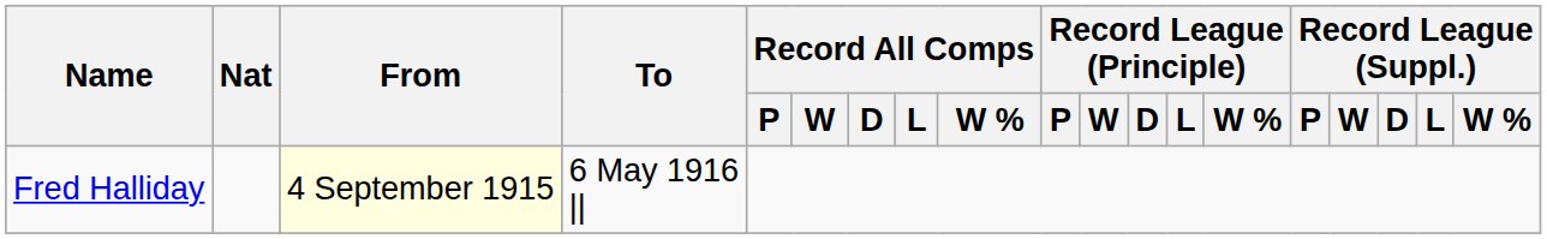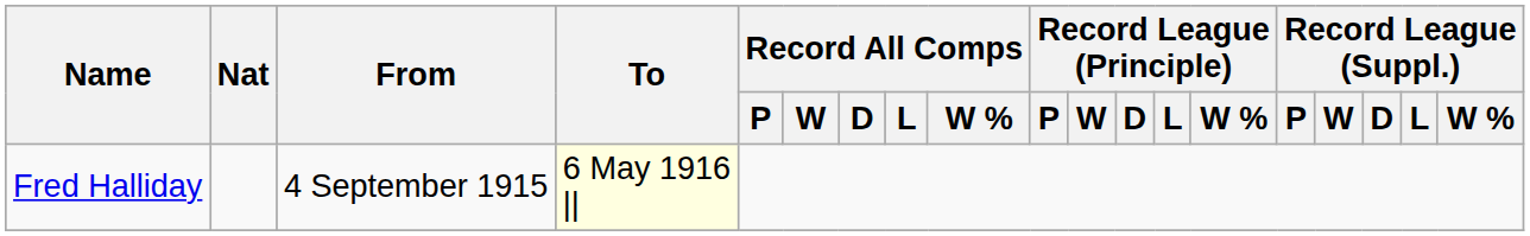 <table class="wikitable" style="text-align: center">
 <tr>
 <th rowspan="2">Name</th>
 <th rowspan="2">Nat</th>
 <th rowspan="2">From</th>
 <th rowspan="2">To</th>
 <th colspan="5">Record All Comps</th>
 <th colspan="5">Record League<br>(Principle)</th>
 <th colspan="5">Record League<br>(Suppl.)</th>
 </tr>
 <tr>
 <th>P</th>
 <th>W</th>
 <th>D</th>
 <th>L</th>
 <th>W %</th>
 <th>P</th>
 <th>W</th>
 <th>D</th>
 <th>L</th>
 <th>W %</th>
 <th>P</th>
 <th>W</th>
 <th>D</th>
 <th>L</th>
 <th>W %</th>
 </tr>
 <tr>
 <td align=left><a href='#'>Fred Halliday</a></td>
 <td></td>
-<td align=left style="background: lightyellow;">4 September 1915</td>
-<td align=left>6 May 1916<br>||</td>
+<td align=left>4 September 1915</td>
+<td align=left style="background: lightyellow;">6 May 1916<br>||</td>
 </tr>
 </table>
